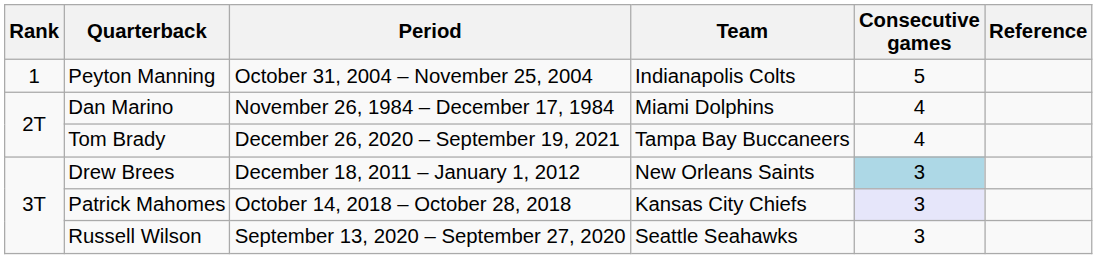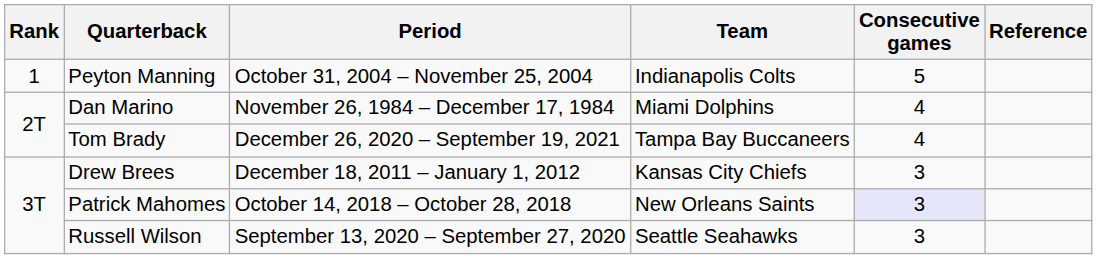 <table class="wikitable">
 <tr>
 <th>Rank</th>
 <th>Quarterback</th>
 <th>Period</th>
 <th>Team</th>
 <th>Consecutive<br>games</th>
 <th>Reference</th>
 </tr>
 <tr>
 <td style="text-align:center;">1</td>
 <td>Peyton Manning</td>
 <td>October 31, 2004 – November 25, 2004</td>
 <td>Indianapolis Colts</td>
 <td style="text-align:center;">5</td>
 <td style="text-align:center;"></td>
 </tr>
 <tr>
 <td rowspan="2" style="text-align:center;">2T</td>
 <td>Dan Marino</td>
 <td>November 26, 1984 – December 17, 1984</td>
 <td>Miami Dolphins</td>
 <td style="text-align:center;">4</td>
 <td style="text-align:center;"></td>
 </tr>
 <tr>
 <td>Tom Brady</td>
 <td>December 26, 2020 – September 19, 2021</td>
 <td>Tampa Bay Buccaneers</td>
 <td style="text-align:center;">4</td>
 <td style="text-align:center;"></td>
 </tr>
 <tr>
 <td rowspan="3" style="text-align:center;">3T</td>
 <td>Drew Brees</td>
 <td>December 18, 2011 – January 1, 2012</td>
-<td>New Orleans Saints</td>
-<td style="background: lightblue; text-align:center;">3</td>
+<td>Kansas City Chiefs</td>
+<td style="text-align:center;">3</td>
 <td style="text-align:center;"></td>
 </tr>
 <tr>
 <td>Patrick Mahomes</td>
 <td>October 14, 2018 – October 28, 2018</td>
-<td>Kansas City Chiefs</td>
+<td>New Orleans Saints</td>
 <td style="background: lavender; text-align:center;">3</td>
 <td style="text-align:center;"></td>
 </tr>
 <tr>
 <td>Russell Wilson</td>
 <td>September 13, 2020 – September 27, 2020</td>
 <td>Seattle Seahawks</td>
 <td style="text-align:center;">3</td>
 <td style="text-align:center;"></td>
 </tr>
 </table>
